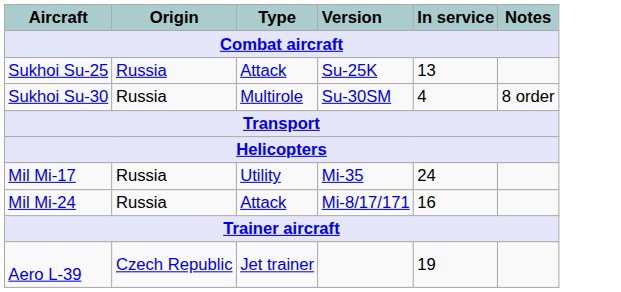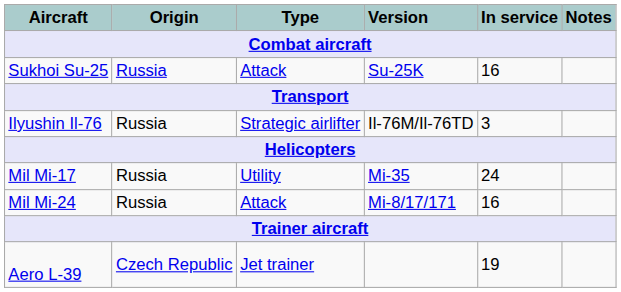 <table class="wikitable">
 <tr>
 <th style="text-align:center; background:#acc;">Aircraft</th>
 <th style="text-align: center; background:#acc;">Origin</th>
 <th style="text-align:l center; background:#acc;">Type</th>
 <th style="text-align:left; background:#acc;">Version</th>
 <th style="text-align:center; background:#acc;">In service</th>
 <th style="text-align: center; background:#acc;">Notes</th>
 </tr>
 <tr>
 <th colspan="6" style="align: center; background: lavender;"><a href='#'>Combat aircraft</a></th>
 </tr>
 <tr>
 <td><a href='#'>Sukhoi Su-25</a></td>
 <td><a href='#'>Russia</a></td>
 <td><a href='#'>Attack</a></td>
 <td><a href='#'>Su-25K</a></td>
-<td>13</td>
+<td>16</td>
 <td></td>
 </tr>
 <tr>
-<td><a href='#'>Sukhoi Su-30</a></td>
-<td>Russia</td>
-<td><a href='#'>Multirole</a></td>
-<td><a href='#'>Su-30SM</a></td>
-<td>4</td>
-<td>8 order</td>
+<th colspan="6" style="align: center; background: lavender;"><a href='#'>Transport</a></th>
 </tr>
 <tr>
-<th colspan="6" style="align: center; background: lavender;"><a href='#'>Transport</a></th>
+<td><a href='#'>Ilyushin Il-76</a></td>
+<td>Russia</td>
+<td><a href='#'>Strategic airlifter</a></td>
+<td>Il-76M/Il-76TD</td>
+<td>3</td>
+<td></td>
 </tr>
 <tr>
 <th colspan="6" style="align: center; background: lavender;"><a href='#'>Helicopters</a></th>
 </tr>
 <tr>
 <td><a href='#'>Mil Mi-17</a></td>
 <td>Russia</td>
 <td><a href='#'>Utility</a></td>
 <td><a href='#'>Mi-35</a></td>
 <td>24</td>
 <td></td>
 </tr>
 <tr>
 <td><a href='#'>Mil Mi-24</a></td>
 <td>Russia</td>
 <td><a href='#'>Attack</a></td>
 <td><a href='#'>Mi-8/17/171</a></td>
 <td>16</td>
 <td></td>
 </tr>
 <tr>
 <th colspan="6" style="align: center; background: lavender;"><a href='#'>Trainer aircraft</a></th>
 </tr>
 <tr>
 <td><br><a href='#'>Aero L-39</a></td>
 <td><a href='#'>Czech Republic</a></td>
 <td><a href='#'>Jet trainer</a></td>
 <td></td>
 <td>19</td>
 <td></td>
 </tr>
 </table>
